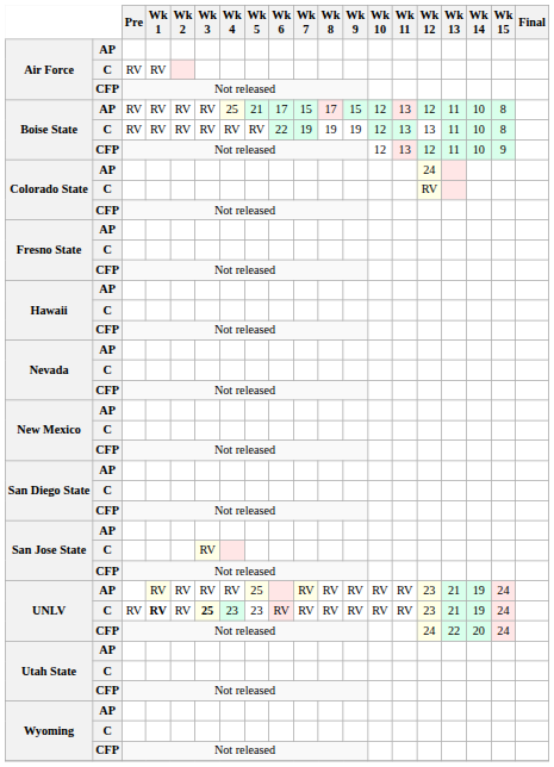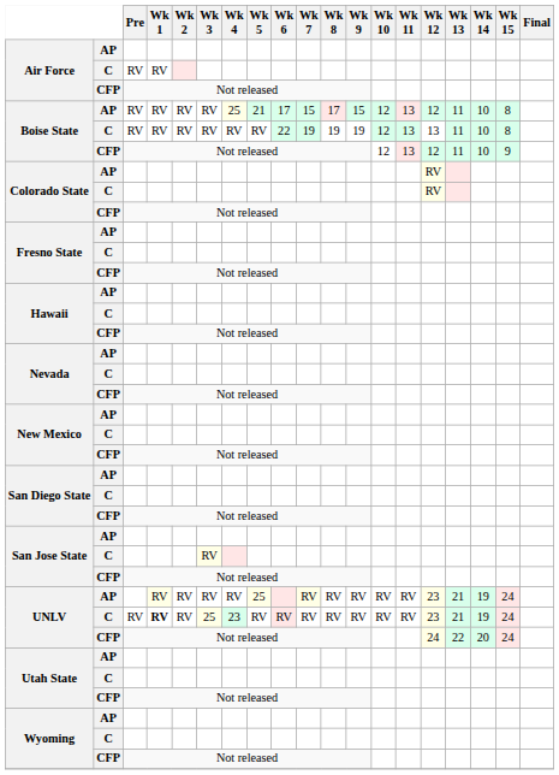 <table class="wikitable" style="white-space:nowrap;font-size:85%;">
 <tr>
 <th colspan=2 style="background:white; border-top-style:hidden; border-left-style:hidden;"> </th>
 <th>Pre</th>
 <th>Wk<br>1</th>
 <th>Wk<br>2</th>
 <th>Wk<br>3</th>
 <th>Wk<br>4</th>
 <th>Wk<br>5</th>
 <th>Wk<br>6</th>
 <th>Wk<br>7</th>
 <th>Wk<br>8</th>
 <th>Wk<br>9</th>
 <th>Wk<br>10</th>
 <th>Wk<br>11</th>
 <th>Wk<br>12</th>
 <th>Wk<br>13</th>
 <th>Wk<br>14</th>
 <th>Wk<br>15</th>
 <th>Final</th>
 </tr>
 <tr style="text-align:center;">
 <th rowspan="3">Air Force</th>
 <th>AP</th>
 <td style="background:#FFF;"></td>
 <td style="background:#FFF;"></td>
 <td style="background:#FFF;"></td>
 <td style="background:#FFF;"></td>
 <td style="background:#FFF;"></td>
 <td style="background:#FFF;"></td>
 <td style="background:#FFF;"></td>
 <td style="background:#FFF;"></td>
 <td style="background:#FFF;"></td>
 <td style="background:#FFF;"></td>
 <td style="background:#FFF;"></td>
 <td style="background:#FFF;"></td>
 <td style="background:#FFF;"></td>
 <td style="background:#FFF;"></td>
 <td style="background:#FFF;"></td>
 <td style="background:#FFF;"></td>
 <td style="background:#FFF;"></td>
 </tr>
 <tr style="text-align:center;">
 <th>C</th>
 <td style="background:#FFF;">RV</td>
 <td style="background:#FFF;">RV</td>
 <td style="background:#ffe6e6;"></td>
 <td style="background:#FFF;"></td>
 <td style="background:#FFF;"></td>
 <td style="background:#FFF;"></td>
 <td style="background:#FFF;"></td>
 <td style="background:#FFF;"></td>
 <td style="background:#FFF;"></td>
 <td style="background:#FFF;"></td>
 <td style="background:#FFF;"></td>
 <td style="background:#FFF;"></td>
 <td style="background:#FFF;"></td>
 <td style="background:#FFF;"></td>
 <td style="background:#FFF;"></td>
 <td style="background:#FFF;"></td>
 <td style="background:#FFF;"></td>
 </tr>
 <tr style="text-align:center;">
 <th>CFP</th>
 <td colspan="10" style="text-align:center;">Not released</td>
 <td style="background:#FFF;"></td>
 <td style="background:#FFF;"></td>
 <td style="background:#FFF;"></td>
 <td style="background:#FFF;"></td>
 <td style="background:#FFF;"></td>
 <td style="background:#FFF;"></td>
 <td style="background:#FFF;"></td>
 </tr>
 <tr style="text-align:center;">
 <th rowspan="3">Boise State</th>
 <th>AP</th>
 <td style="background:#FFF;">RV</td>
 <td style="background:#FFF;">RV</td>
 <td style="background:#FFF;">RV</td>
 <td style="background:#FFF;">RV</td>
 <td style="background:#FFFFE6;">25</td>
 <td style="background:#d8ffeb;">21</td>
 <td style="background:#d8ffeb;">17</td>
 <td style="background:#d8ffeb;">15</td>
 <td style="background:#ffe6e6;">17</td>
 <td style="background:#d8ffeb;">15</td>
 <td style="background:#d8ffeb;">12</td>
 <td style="background:#ffe6e6;">13</td>
 <td style="background:#d8ffeb;">12</td>
 <td style="background:#d8ffeb;">11</td>
 <td style="background:#d8ffeb;">10</td>
 <td style="background:#d8ffeb;">8</td>
 <td style="background:#FFF;"></td>
 </tr>
 <tr style="text-align:center;">
 <th>C</th>
 <td style="background:#FFF;">RV</td>
 <td style="background:#FFF;">RV</td>
 <td style="background:#FFF;">RV</td>
 <td style="background:#FFF;">RV</td>
 <td style="background:#FFF;">RV</td>
 <td style="background:#FFF;">RV</td>
 <td style="background:#d8ffeb;">22</td>
 <td style="background:#d8ffeb;">19</td>
 <td style="background:#FFF;">19</td>
 <td style="background:#FFF;">19</td>
 <td style="background:#d8ffeb;">12</td>
 <td style="background:#d8ffeb;">13</td>
 <td style="background:#FFF;">13</td>
 <td style="background:#d8ffeb;">11</td>
 <td style="background:#d8ffeb;">10</td>
 <td style="background:#d8ffeb;">8</td>
 <td style="background:#FFF;"></td>
 </tr>
 <tr style="text-align:center;">
 <th>CFP</th>
 <td colspan="10" style="text-align:center;">Not released</td>
 <td style="background:#FFF;">12</td>
 <td style="background:#ffe6e6;">13</td>
 <td style="background:#d8ffeb;">12</td>
 <td style="background:#d8ffeb;">11</td>
 <td style="background:#d8ffeb;">10</td>
 <td style="background:#d8ffeb;">9</td>
 <td style="background:#FFF;"></td>
 </tr>
 <tr style="text-align:center;">
 <th rowspan="3">Colorado State</th>
 <th>AP</th>
 <td style="background:#FFF;"></td>
 <td style="background:#FFF;"></td>
 <td style="background:#FFF;"></td>
 <td style="background:#FFF;"></td>
 <td style="background:#FFF;"></td>
 <td style="background:#FFF;"></td>
 <td style="background:#FFF;"></td>
 <td style="background:#FFF;"></td>
 <td style="background:#FFF;"></td>
 <td style="background:#FFF;"></td>
 <td style="background:#FFF;"></td>
 <td style="background:#FFF;"></td>
-<td style="background:#FFFFE6;">24</td>
+<td style="background:#FFFFE6;">RV</td>
 <td style="background:#ffe6e6;"></td>
 <td style="background:#FFF;"></td>
 <td style="background:#FFF;"></td>
 <td style="background:#FFF;"></td>
 </tr>
 <tr style="text-align:center;">
 <th>C</th>
 <td style="background:#FFF;"></td>
 <td style="background:#FFF;"></td>
 <td style="background:#FFF;"></td>
 <td style="background:#FFF;"></td>
 <td style="background:#FFF;"></td>
 <td style="background:#FFF;"></td>
 <td style="background:#FFF;"></td>
 <td style="background:#FFF;"></td>
 <td style="background:#FFF;"></td>
 <td style="background:#FFF;"></td>
 <td style="background:#FFF;"></td>
 <td style="background:#FFF;"></td>
 <td style="background:#FFFFE6;">RV</td>
 <td style="background:#ffe6e6;"></td>
 <td style="background:#FFF;"></td>
 <td style="background:#FFF;"></td>
 <td style="background:#FFF;"></td>
 </tr>
 <tr style="text-align:center;">
 <th>CFP</th>
 <td colspan="10" style="text-align:center;">Not released</td>
 <td style="background:#FFF;"></td>
 <td style="background:#FFF;"></td>
 <td style="background:#FFF;"></td>
 <td style="background:#FFF;"></td>
 <td style="background:#FFF;"></td>
 <td style="background:#FFF;"></td>
 <td style="background:#FFF;"></td>
 </tr>
 <tr style="text-align:center;">
 <th rowspan="3">Fresno State</th>
 <th>AP</th>
 <td style="background:#FFF;"></td>
 <td style="background:#FFF;"></td>
 <td style="background:#FFF;"></td>
 <td style="background:#FFF;"></td>
 <td style="background:#FFF;"></td>
 <td style="background:#FFF;"></td>
 <td style="background:#FFF;"></td>
 <td style="background:#FFF;"></td>
 <td style="background:#FFF;"></td>
 <td style="background:#FFF;"></td>
 <td style="background:#FFF;"></td>
 <td style="background:#FFF;"></td>
 <td style="background:#FFF;"></td>
 <td style="background:#FFF;"></td>
 <td style="background:#FFF;"></td>
 <td style="background:#FFF;"></td>
 <td style="background:#FFF;"></td>
 </tr>
 <tr style="text-align:center;">
 <th>C</th>
 <td style="background:#FFF;"></td>
 <td style="background:#FFF;"></td>
 <td style="background:#FFF;"></td>
 <td style="background:#FFF;"></td>
 <td style="background:#FFF;"></td>
 <td style="background:#FFF;"></td>
 <td style="background:#FFF;"></td>
 <td style="background:#FFF;"></td>
 <td style="background:#FFF;"></td>
 <td style="background:#FFF;"></td>
 <td style="background:#FFF;"></td>
 <td style="background:#FFF;"></td>
 <td style="background:#FFF;"></td>
 <td style="background:#FFF;"></td>
 <td style="background:#FFF;"></td>
 <td style="background:#FFF;"></td>
 <td style="background:#FFF;"></td>
 </tr>
 <tr style="text-align:center;">
 <th>CFP</th>
 <td colspan="10" style="text-align:center;">Not released</td>
 <td style="background:#FFF;"></td>
 <td style="background:#FFF;"></td>
 <td style="background:#FFF;"></td>
 <td style="background:#FFF;"></td>
 <td style="background:#FFF;"></td>
 <td style="background:#FFF;"></td>
 <td style="background:#FFF;"></td>
 </tr>
 <tr style="text-align:center;">
 <th rowspan="3">Hawaii</th>
 <th>AP</th>
 <td style="background:#FFF;"></td>
 <td style="background:#FFF;"></td>
 <td style="background:#FFF;"></td>
 <td style="background:#FFF;"></td>
 <td style="background:#FFF;"></td>
 <td style="background:#FFF;"></td>
 <td style="background:#FFF;"></td>
 <td style="background:#FFF;"></td>
 <td style="background:#FFF;"></td>
 <td style="background:#FFF;"></td>
 <td style="background:#FFF;"></td>
 <td style="background:#FFF;"></td>
 <td style="background:#FFF;"></td>
 <td style="background:#FFF;"></td>
 <td style="background:#FFF;"></td>
 <td style="background:#FFF;"></td>
 <td style="background:#FFF;"></td>
 </tr>
 <tr style="text-align:center;">
 <th>C</th>
 <td style="background:#FFF;"></td>
 <td style="background:#FFF;"></td>
 <td style="background:#FFF;"></td>
 <td style="background:#FFF;"></td>
 <td style="background:#FFF;"></td>
 <td style="background:#FFF;"></td>
 <td style="background:#FFF;"></td>
 <td style="background:#FFF;"></td>
 <td style="background:#FFF;"></td>
 <td style="background:#FFF;"></td>
 <td style="background:#FFF;"></td>
 <td style="background:#FFF;"></td>
 <td style="background:#FFF;"></td>
 <td style="background:#FFF;"></td>
 <td style="background:#FFF;"></td>
 <td style="background:#FFF;"></td>
 <td style="background:#FFF;"></td>
 </tr>
 <tr style="text-align:center;">
 <th>CFP</th>
 <td colspan="10" style="text-align:center;">Not released</td>
 <td style="background:#FFF;"></td>
 <td style="background:#FFF;"></td>
 <td style="background:#FFF;"></td>
 <td style="background:#FFF;"></td>
 <td style="background:#FFF;"></td>
 <td style="background:#FFF;"></td>
 <td style="background:#FFF;"></td>
 </tr>
 <tr style="text-align:center;">
 <th rowspan="3">Nevada</th>
 <th>AP</th>
 <td style="background:#FFF;"></td>
 <td style="background:#FFF;"></td>
 <td style="background:#FFF;"></td>
 <td style="background:#FFF;"></td>
 <td style="background:#FFF;"></td>
 <td style="background:#FFF;"></td>
 <td style="background:#FFF;"></td>
 <td style="background:#FFF;"></td>
 <td style="background:#FFF;"></td>
 <td style="background:#FFF;"></td>
 <td style="background:#FFF;"></td>
 <td style="background:#FFF;"></td>
 <td style="background:#FFF;"></td>
 <td style="background:#FFF;"></td>
 <td style="background:#FFF;"></td>
 <td style="background:#FFF;"></td>
 <td style="background:#FFF;"></td>
 </tr>
 <tr style="text-align:center;">
 <th>C</th>
 <td style="background:#FFF;"></td>
 <td style="background:#FFF;"></td>
 <td style="background:#FFF;"></td>
 <td style="background:#FFF;"></td>
 <td style="background:#FFF;"></td>
 <td style="background:#FFF;"></td>
 <td style="background:#FFF;"></td>
 <td style="background:#FFF;"></td>
 <td style="background:#FFF;"></td>
 <td style="background:#FFF;"></td>
 <td style="background:#FFF;"></td>
 <td style="background:#FFF;"></td>
 <td style="background:#FFF;"></td>
 <td style="background:#FFF;"></td>
 <td style="background:#FFF;"></td>
 <td style="background:#FFF;"></td>
 <td style="background:#FFF;"></td>
 </tr>
 <tr style="text-align:center;">
 <th>CFP</th>
 <td colspan="10" style="text-align:center;">Not released</td>
 <td style="background:#FFF;"></td>
 <td style="background:#FFF;"></td>
 <td style="background:#FFF;"></td>
 <td style="background:#FFF;"></td>
 <td style="background:#FFF;"></td>
 <td style="background:#FFF;"></td>
 <td style="background:#FFF;"></td>
 </tr>
 <tr style="text-align:center;">
 <th rowspan="3">New Mexico</th>
 <th>AP</th>
 <td style="background:#FFF;"></td>
 <td style="background:#FFF;"></td>
 <td style="background:#FFF;"></td>
 <td style="background:#FFF;"></td>
 <td style="background:#FFF;"></td>
 <td style="background:#FFF;"></td>
 <td style="background:#FFF;"></td>
 <td style="background:#FFF;"></td>
 <td style="background:#FFF;"></td>
 <td style="background:#FFF;"></td>
 <td style="background:#FFF;"></td>
 <td style="background:#FFF;"></td>
 <td style="background:#FFF;"></td>
 <td style="background:#FFF;"></td>
 <td style="background:#FFF;"></td>
 <td style="background:#FFF;"></td>
 <td style="background:#FFF;"></td>
 </tr>
 <tr style="text-align:center;">
 <th>C</th>
 <td style="background:#FFF;"></td>
 <td style="background:#FFF;"></td>
 <td style="background:#FFF;"></td>
 <td style="background:#FFF;"></td>
 <td style="background:#FFF;"></td>
 <td style="background:#FFF;"></td>
 <td style="background:#FFF;"></td>
 <td style="background:#FFF;"></td>
 <td style="background:#FFF;"></td>
 <td style="background:#FFF;"></td>
 <td style="background:#FFF;"></td>
 <td style="background:#FFF;"></td>
 <td style="background:#FFF;"></td>
 <td style="background:#FFF;"></td>
 <td style="background:#FFF;"></td>
 <td style="background:#FFF;"></td>
 <td style="background:#FFF;"></td>
 </tr>
 <tr style="text-align:center;">
 <th>CFP</th>
 <td colspan="10" style="text-align:center;">Not released</td>
 <td style="background:#FFF;"></td>
 <td style="background:#FFF;"></td>
 <td style="background:#FFF;"></td>
 <td style="background:#FFF;"></td>
 <td style="background:#FFF;"></td>
 <td style="background:#FFF;"></td>
 <td style="background:#FFF;"></td>
 </tr>
 <tr style="text-align:center;">
 <th rowspan="3">San Diego State</th>
 <th>AP</th>
 <td style="background:#FFF;"></td>
 <td style="background:#FFF;"></td>
 <td style="background:#FFF;"></td>
 <td style="background:#FFF;"></td>
 <td style="background:#FFF;"></td>
 <td style="background:#FFF;"></td>
 <td style="background:#FFF;"></td>
 <td style="background:#FFF;"></td>
 <td style="background:#FFF;"></td>
 <td style="background:#FFF;"></td>
 <td style="background:#FFF;"></td>
 <td style="background:#FFF;"></td>
 <td style="background:#FFF;"></td>
 <td style="background:#FFF;"></td>
 <td style="background:#FFF;"></td>
 <td style="background:#FFF;"></td>
 <td style="background:#FFF;"></td>
 </tr>
 <tr style="text-align:center;">
 <th>C</th>
 <td style="background:#FFF;"></td>
 <td style="background:#FFF;"></td>
 <td style="background:#FFF;"></td>
 <td style="background:#FFF;"></td>
 <td style="background:#FFF;"></td>
 <td style="background:#FFF;"></td>
 <td style="background:#FFF;"></td>
 <td style="background:#FFF;"></td>
 <td style="background:#FFF;"></td>
 <td style="background:#FFF;"></td>
 <td style="background:#FFF;"></td>
 <td style="background:#FFF;"></td>
 <td style="background:#FFF;"></td>
 <td style="background:#FFF;"></td>
 <td style="background:#FFF;"></td>
 <td style="background:#FFF;"></td>
 <td style="background:#FFF;"></td>
 </tr>
 <tr style="text-align:center;">
 <th>CFP</th>
 <td colspan="10" style="text-align:center;">Not released</td>
 <td style="background:#FFF;"></td>
 <td style="background:#FFF;"></td>
 <td style="background:#FFF;"></td>
 <td style="background:#FFF;"></td>
 <td style="background:#FFF;"></td>
 <td style="background:#FFF;"></td>
 <td style="background:#FFF;"></td>
 </tr>
 <tr style="text-align:center;">
 <th rowspan="3">San Jose State</th>
 <th>AP</th>
 <td style="background:#FFF;"></td>
 <td style="background:#FFF;"></td>
 <td style="background:#FFF;"></td>
 <td style="background:#FFF;"></td>
 <td style="background:#FFF;"></td>
 <td style="background:#FFF;"></td>
 <td style="background:#FFF;"></td>
 <td style="background:#FFF;"></td>
 <td style="background:#FFF;"></td>
 <td style="background:#FFF;"></td>
 <td style="background:#FFF;"></td>
 <td style="background:#FFF;"></td>
 <td style="background:#FFF;"></td>
 <td style="background:#FFF;"></td>
 <td style="background:#FFF;"></td>
 <td style="background:#FFF;"></td>
 <td style="background:#FFF;"></td>
 </tr>
 <tr style="text-align:center;">
 <th>C</th>
 <td style="background:#FFF;"></td>
 <td style="background:#FFF;"></td>
 <td style="background:#FFF;"></td>
 <td style="background:#FFFFE6;">RV</td>
 <td style="background:#ffe6e6;"></td>
 <td style="background:#FFF;"></td>
 <td style="background:#FFF;"></td>
 <td style="background:#FFF;"></td>
 <td style="background:#FFF;"></td>
 <td style="background:#FFF;"></td>
 <td style="background:#FFF;"></td>
 <td style="background:#FFF;"></td>
 <td style="background:#FFF;"></td>
 <td style="background:#FFF;"></td>
 <td style="background:#FFF;"></td>
 <td style="background:#FFF;"></td>
 <td style="background:#FFF;"></td>
 </tr>
 <tr style="text-align:center;">
 <th>CFP</th>
 <td colspan="10" style="text-align:center;">Not released</td>
 <td style="background:#FFF;"></td>
 <td style="background:#FFF;"></td>
 <td style="background:#FFF;"></td>
 <td style="background:#FFF;"></td>
 <td style="background:#FFF;"></td>
 <td style="background:#FFF;"></td>
 <td style="background:#FFF;"></td>
 </tr>
 <tr style="text-align:center;">
 <th rowspan="3">UNLV</th>
 <th>AP</th>
 <td style="background:#FFF;"></td>
 <td style="background:#FFFFE6;">RV</td>
 <td style="background:#FFF;">RV</td>
 <td style="background:#FFF;">RV</td>
 <td style="background:#FFF;">RV</td>
 <td style="background:#FFFFE6;">25</td>
 <td style="background:#ffe6e6;"></td>
 <td style="background:#FFFFE6;">RV</td>
 <td style="background:#FFF;">RV</td>
 <td style="background:#FFF;">RV</td>
 <td style="background:#FFF;">RV</td>
 <td style="background:#FFF;">RV</td>
 <td style="background:#FFFFE6;">23</td>
 <td style="background:#d8ffeb;">21</td>
 <td style="background:#d8ffeb;">19</td>
 <td style="background:#ffe6e6;">24</td>
 <td style="background:#FFF;"></td>
 </tr>
 <tr style="text-align:center;">
 <th>C</th>
 <td style="background:#FFF;">RV</td>
 <td style="background:#FFF;"><strong>RV</strong></td>
 <td style="background:#FFF;">RV</td>
-<td style="background:#FFFFE6;"><strong>25</strong></td>
+<td style="background:#FFFFE6;">25</td>
 <td style="background:#D8FFEB;">23</td>
-<td style="background:#FFF;">23</td>
+<td style="background:#FFF;">RV</td>
 <td style="background:#ffe6e6;">RV</td>
 <td style="background:#FFF;">RV</td>
 <td style="background:#FFF;">RV</td>
 <td style="background:#FFF;">RV</td>
 <td style="background:#FFF;">RV</td>
 <td style="background:#FFF;">RV</td>
 <td style="background:#FFFFE6;">23</td>
 <td style="background:#d8ffeb;">21</td>
 <td style="background:#d8ffeb;">19</td>
 <td style="background:#ffe6e6;">24</td>
 <td style="background:#FFF;"></td>
 </tr>
 <tr style="text-align:center;">
 <th>CFP</th>
 <td colspan="10" style="text-align:center;">Not released</td>
 <td style="background:#FFF;"></td>
 <td style="background:#FFF;"></td>
 <td style="background:#FFFFE6;">24</td>
 <td style="background:#d8ffeb;">22</td>
 <td style="background:#d8ffeb;">20</td>
 <td style="background:#ffe6e6;">24</td>
 <td style="background:#FFF;"></td>
 </tr>
 <tr style="text-align:center;">
 <th rowspan="3">Utah State</th>
 <th>AP</th>
 <td style="background:#FFF;"></td>
 <td style="background:#FFF;"></td>
 <td style="background:#FFF;"></td>
 <td style="background:#FFF;"></td>
 <td style="background:#FFF;"></td>
 <td style="background:#FFF;"></td>
 <td style="background:#FFF;"></td>
 <td style="background:#FFF;"></td>
 <td style="background:#FFF;"></td>
 <td style="background:#FFF;"></td>
 <td style="background:#FFF;"></td>
 <td style="background:#FFF;"></td>
 <td style="background:#FFF;"></td>
 <td style="background:#FFF;"></td>
 <td style="background:#FFF;"></td>
 <td style="background:#FFF;"></td>
 <td style="background:#FFF;"></td>
 </tr>
 <tr style="text-align:center;">
 <th>C</th>
 <td style="background:#FFF;"></td>
 <td style="background:#FFF;"></td>
 <td style="background:#FFF;"></td>
 <td style="background:#FFF;"></td>
 <td style="background:#FFF;"></td>
 <td style="background:#FFF;"></td>
 <td style="background:#FFF;"></td>
 <td style="background:#FFF;"></td>
 <td style="background:#FFF;"></td>
 <td style="background:#FFF;"></td>
 <td style="background:#FFF;"></td>
 <td style="background:#FFF;"></td>
 <td style="background:#FFF;"></td>
 <td style="background:#FFF;"></td>
 <td style="background:#FFF;"></td>
 <td style="background:#FFF;"></td>
 <td style="background:#FFF;"></td>
 </tr>
 <tr style="text-align:center;">
 <th>CFP</th>
 <td colspan="10" style="text-align:center;">Not released</td>
 <td style="background:#FFF;"></td>
 <td style="background:#FFF;"></td>
 <td style="background:#FFF;"></td>
 <td style="background:#FFF;"></td>
 <td style="background:#FFF;"></td>
 <td style="background:#FFF;"></td>
 <td style="background:#FFF;"></td>
 </tr>
 <tr style="text-align:center;">
 <th rowspan="3">Wyoming</th>
 <th>AP</th>
 <td style="background:#FFF;"></td>
 <td style="background:#FFF;"></td>
 <td style="background:#FFF;"></td>
 <td style="background:#FFF;"></td>
 <td style="background:#FFF;"></td>
 <td style="background:#FFF;"></td>
 <td style="background:#FFF;"></td>
 <td style="background:#FFF;"></td>
 <td style="background:#FFF;"></td>
 <td style="background:#FFF;"></td>
 <td style="background:#FFF;"></td>
 <td style="background:#FFF;"></td>
 <td style="background:#FFF;"></td>
 <td style="background:#FFF;"></td>
 <td style="background:#FFF;"></td>
 <td style="background:#FFF;"></td>
 <td style="background:#FFF;"></td>
 </tr>
 <tr style="text-align:center;">
 <th>C</th>
 <td style="background:#FFF;"></td>
 <td style="background:#FFF;"></td>
 <td style="background:#FFF;"></td>
 <td style="background:#FFF;"></td>
 <td style="background:#FFF;"></td>
 <td style="background:#FFF;"></td>
 <td style="background:#FFF;"></td>
 <td style="background:#FFF;"></td>
 <td style="background:#FFF;"></td>
 <td style="background:#FFF;"></td>
 <td style="background:#FFF;"></td>
 <td style="background:#FFF;"></td>
 <td style="background:#FFF;"></td>
 <td style="background:#FFF;"></td>
 <td style="background:#FFF;"></td>
 <td style="background:#FFF;"></td>
 <td style="background:#FFF;"></td>
 </tr>
 <tr style="text-align:center;">
 <th>CFP</th>
 <td colspan="10" style="text-align:center;">Not released</td>
 <td style="background:#FFF;"></td>
 <td style="background:#FFF;"></td>
 <td style="background:#FFF;"></td>
 <td style="background:#FFF;"></td>
 <td style="background:#FFF;"></td>
 <td style="background:#FFF;"></td>
 <td style="background:#FFF;"></td>
 </tr>
 <tr style="text-align:center;">
 </tr>
 </table>
